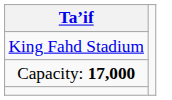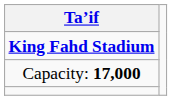 <table class="wikitable" style="text-align:center">
 <tr>
 <th><a href='#'>Ta’if</a></th>
 <td rowspan="4"></td>
 </tr>
 <tr>
-<td><a href='#'>King Fahd Stadium</a></td>
+<td><strong><a href='#'>King Fahd Stadium</a></strong></td>
 </tr>
 <tr>
 <td>Capacity: <strong>17,000</strong></td>
 </tr>
 <tr>
 <td></td>
 </tr>
 </table>
